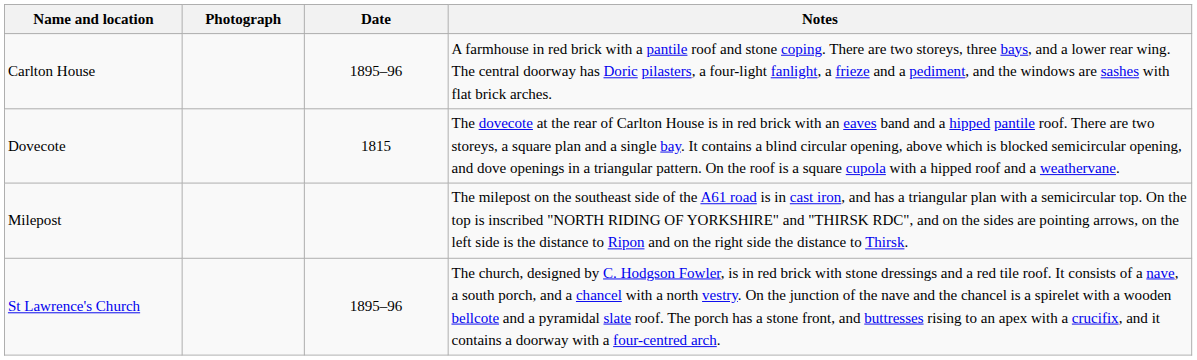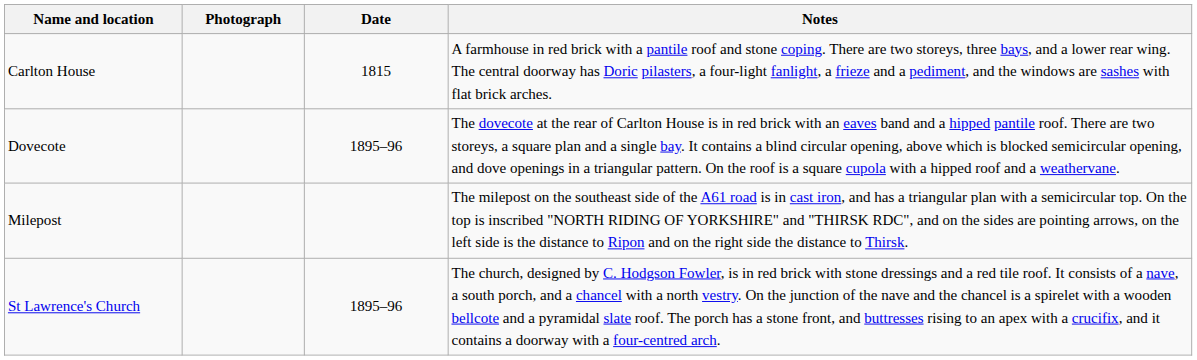 <table class="wikitable sortable plainrowheaders" style="width:100%;border:0px;text-align:left;line-height:150%;">
 <tr>
 <th scope="col"  style="width:150px">Name and location</th>
 <th scope="col"  style="width:100px" class="unsortable">Photograph</th>
 <th scope="col"  style="width:120px">Date</th>
 <th scope="col"  style="width:650px" class="unsortable">Notes</th>
 </tr>
 <tr>
 <td>Carlton House<br><small></small></td>
 <td></td>
-<td align="center">1895–96</td>
+<td align="center">1815</td>
 <td>A farmhouse in red brick with a <a href='#'>pantile</a> roof and stone <a href='#'>coping</a>.  There are two storeys, three <a href='#'>bays</a>, and a lower rear wing.  The central doorway has <a href='#'>Doric</a> <a href='#'>pilasters</a>, a four-light <a href='#'>fanlight</a>, a <a href='#'>frieze</a> and a <a href='#'>pediment</a>, and the windows are <a href='#'>sashes</a> with flat brick arches.</td>
 </tr>
 <tr>
 <td>Dovecote<br><small></small></td>
 <td></td>
-<td align="center">1815</td>
+<td align="center">1895–96</td>
 <td>The <a href='#'>dovecote</a> at the rear of Carlton House is in red brick with an <a href='#'>eaves</a> band and a <a href='#'>hipped</a> <a href='#'>pantile</a> roof.  There are two storeys, a square plan and a single <a href='#'>bay</a>.   It contains a blind circular opening, above which is blocked semicircular opening, and dove openings in a triangular pattern.  On the roof is a square <a href='#'>cupola</a> with a hipped roof and a <a href='#'>weathervane</a>.</td>
 </tr>
 <tr>
 <td>Milepost<br><small></small></td>
 <td></td>
 <td align="center"></td>
 <td>The milepost on the southeast side of the <a href='#'>A61 road</a> is in <a href='#'>cast iron</a>, and has a triangular plan with a semicircular top.  On the top is inscribed "NORTH RIDING OF YORKSHIRE" and "THIRSK RDC", and on the sides are pointing arrows, on the left side is the distance to <a href='#'>Ripon</a> and on the right side the distance to <a href='#'>Thirsk</a>.</td>
 </tr>
 <tr>
 <td><a href='#'>St Lawrence's Church</a><br><small></small></td>
 <td></td>
 <td align="center">1895–96</td>
 <td>The church, designed by <a href='#'>C. Hodgson Fowler</a>, is in red brick with stone dressings and a red tile roof.  It consists of a <a href='#'>nave</a>, a south porch, and a <a href='#'>chancel</a> with a north <a href='#'>vestry</a>.  On the junction of the nave and the chancel is a spirelet with a wooden <a href='#'>bellcote</a> and a pyramidal <a href='#'>slate</a> roof.  The porch has a stone front, and <a href='#'>buttresses</a> rising to an apex with a <a href='#'>crucifix</a>, and it contains a doorway with a <a href='#'>four-centred arch</a>.</td>
 </tr>
 <tr>
 </tr>
 </table>
